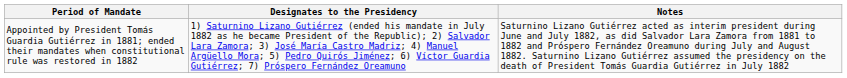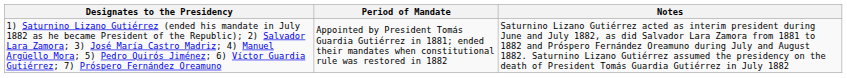 <table class="wikitable">
 <tr>
+<th>Designates to the Presidency</th>
 <th>Period of Mandate</th>
-<th>Designates to the Presidency</th>
 <th>Notes</th>
 </tr>
 <tr>
+<td>1) <a href='#'>Saturnino Lizano Gutiérrez</a> (ended his mandate in July 1882 as he became President of the Republic); 2) <a href='#'>Salvador Lara Zamora</a>; 3) <a href='#'>José María Castro Madriz</a>; 4) <a href='#'>Manuel Argüello Mora</a>; 5) <a href='#'>Pedro Quirós Jiménez</a>; 6) <a href='#'>Víctor Guardia Gutiérrez</a>; 7) <a href='#'>Próspero Fernández Oreamuno</a></td>
 <td>Appointed by President Tomás Guardia Gutiérrez in 1881; ended their mandates when constitutional rule was restored in 1882</td>
-<td>1) <a href='#'>Saturnino Lizano Gutiérrez</a> (ended his mandate in July 1882 as he became President of the Republic); 2) <a href='#'>Salvador Lara Zamora</a>; 3) <a href='#'>José María Castro Madriz</a>; 4) <a href='#'>Manuel Argüello Mora</a>; 5) <a href='#'>Pedro Quirós Jiménez</a>; 6) <a href='#'>Víctor Guardia Gutiérrez</a>; 7) <a href='#'>Próspero Fernández Oreamuno</a></td>
 <td>Saturnino Lizano Gutiérrez acted as interim president during June and July 1882, as did Salvador Lara Zamora from 1881 to 1882 and Próspero Fernández Oreamuno during July and August 1882. Saturnino Lizano Gutiérrez assumed the presidency on the death of President Tomás Guardia Gutiérrez in July 1882</td>
 </tr>
 </table>
